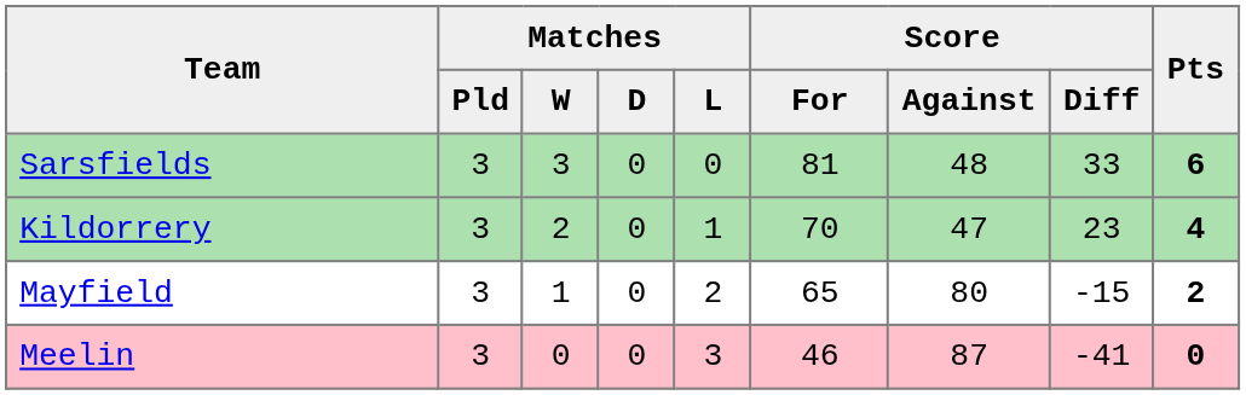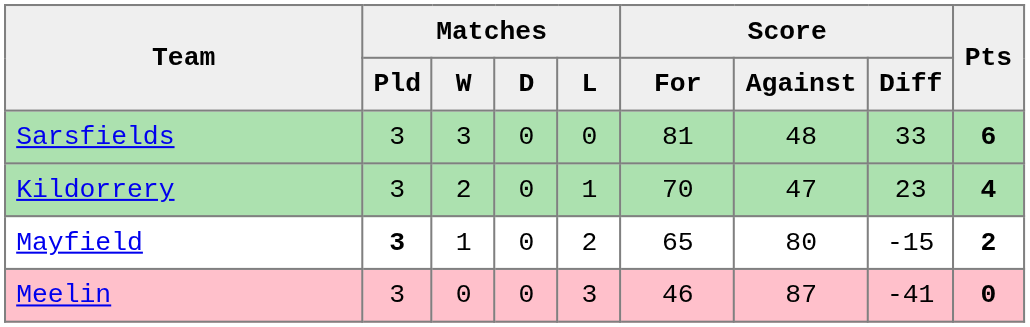 <table style=border-collapse:collapse border=1 cellspacing=0 cellpadding=5>
 <tr align=center bgcolor=#efefef>
 <th rowspan=2 width=165>Team</th>
 <th colspan=4>Matches</th>
 <th colspan=3>Score</th>
 <th rowspan=2width=20>Pts</th>
 </tr>
 <tr align=center bgcolor=#efefef>
 <th width=20>Pld</th>
 <th width=20>W</th>
 <th width=20>D</th>
 <th width=20>L</th>
 <th width=45>For</th>
 <th width=45>Against</th>
 <th width=30>Diff</th>
 </tr>
 <tr align=center style="background:#ACE1AF;">
 <td style="text-align:left;"><a href='#'>Sarsfields</a></td>
 <td>3</td>
 <td>3</td>
 <td>0</td>
 <td>0</td>
 <td>81</td>
 <td>48</td>
 <td>33</td>
 <td><strong>6</strong></td>
 </tr>
 <tr align=center style="background:#ACE1AF;">
 <td style="text-align:left;"><a href='#'>Kildorrery</a></td>
 <td>3</td>
 <td>2</td>
 <td>0</td>
 <td>1</td>
 <td>70</td>
 <td>47</td>
 <td>23</td>
 <td><strong>4</strong></td>
 </tr>
 <tr align=center>
 <td style="text-align:left;"><a href='#'>Mayfield</a></td>
-<td>3</td>
+<td><strong>3</strong></td>
 <td>1</td>
 <td>0</td>
 <td>2</td>
 <td>65</td>
 <td>80</td>
 <td>-15</td>
 <td><strong>2</strong></td>
 </tr>
 <tr align=center style="background:#FFC0CB;">
 <td style="text-align:left;"><a href='#'>Meelin</a></td>
 <td>3</td>
 <td>0</td>
 <td>0</td>
 <td>3</td>
 <td>46</td>
 <td>87</td>
 <td>-41</td>
 <td><strong>0</strong></td>
 </tr>
 </table>
